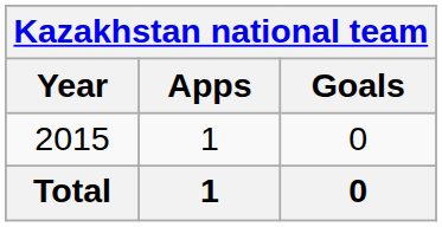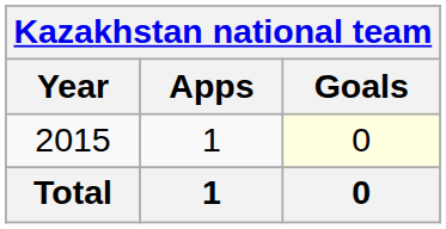 <table class="wikitable" style="text-align:center">
 <tr>
 <th colspan=3><a href='#'>Kazakhstan national team</a></th>
 </tr>
 <tr>
 <th>Year</th>
 <th>Apps</th>
 <th>Goals</th>
 </tr>
 <tr>
 <td>2015</td>
 <td>1</td>
-<td>0</td>
+<td style="background: lightyellow;">0</td>
 </tr>
 <tr>
 <th>Total</th>
 <th>1</th>
 <th>0</th>
 </tr>
 </table>
